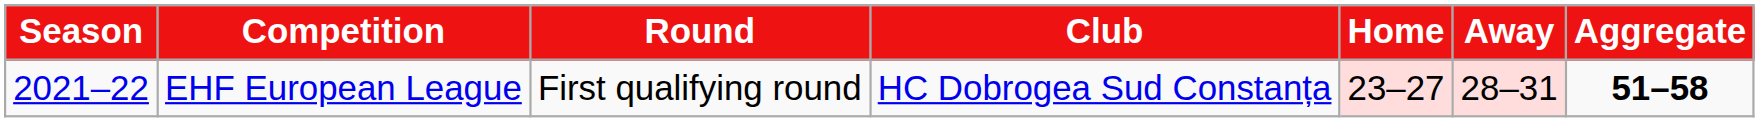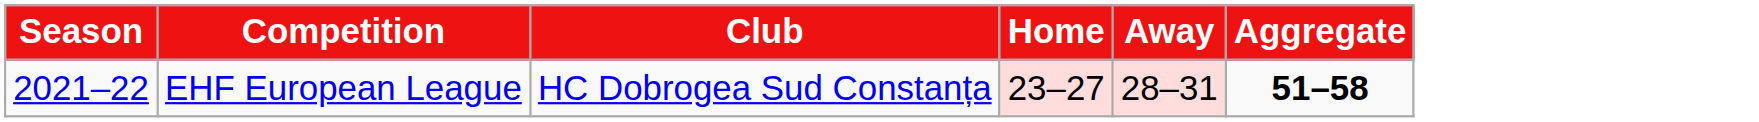 <table class="wikitable" style="text-align: left">
 <tr>
 <th style="color:white; background:#EE1212">Season</th>
 <th style="color:white; background:#EE1212">Competition</th>
-<th style="color:white; background:#EE1212">Round</th>
 <th style="color:white; background:#EE1212">Club</th>
 <th style="color:white; background:#EE1212">Home</th>
 <th style="color:white; background:#EE1212">Away</th>
 <th style="color:white; background:#EE1212">Aggregate</th>
 </tr>
 <tr>
 <td><a href='#'>2021–22</a></td>
 <td><a href='#'>EHF European League</a></td>
-<td>First qualifying round</td>
 <td> <a href='#'>HC Dobrogea Sud Constanța</a></td>
 <td style="text-align:center; background:#fdd;">23–27</td>
 <td style="text-align:center; background:#fdd;">28–31</td>
 <td style="text-align:center;"><strong>51–58</strong></td>
 </tr>
 </table>
